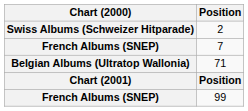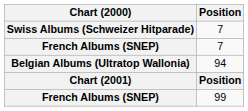 <table class="wikitable plainrowheaders" style="text-align:center">
 <tr>
 <th scope="col">Chart (2000)</th>
 <th scope="col">Position</th>
 </tr>
 <tr>
 <th scope="row">Swiss Albums (Schweizer Hitparade)</th>
-<td>2</td>
+<td>7</td>
 </tr>
 <tr>
 <th scope="row">French Albums (SNEP)</th>
 <td>7</td>
 </tr>
 <tr>
 <th scope="row">Belgian Albums (Ultratop Wallonia)</th>
-<td>71</td>
+<td>94</td>
 </tr>
 <tr>
 <th scope="col">Chart (2001)</th>
 <th scope="col">Position</th>
 </tr>
 <tr>
 <th scope="row">French Albums (SNEP)</th>
 <td>99</td>
 </tr>
 </table>
